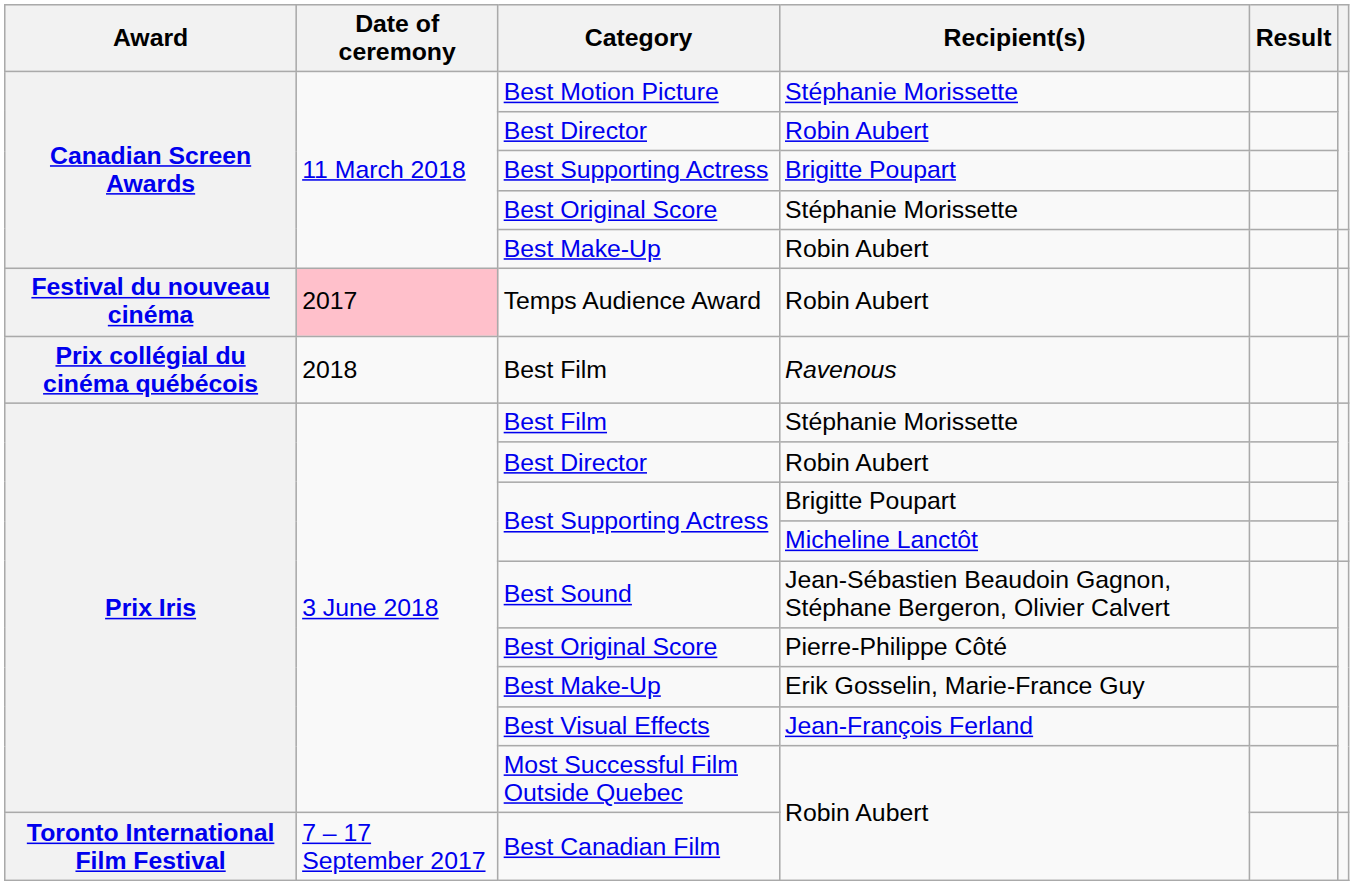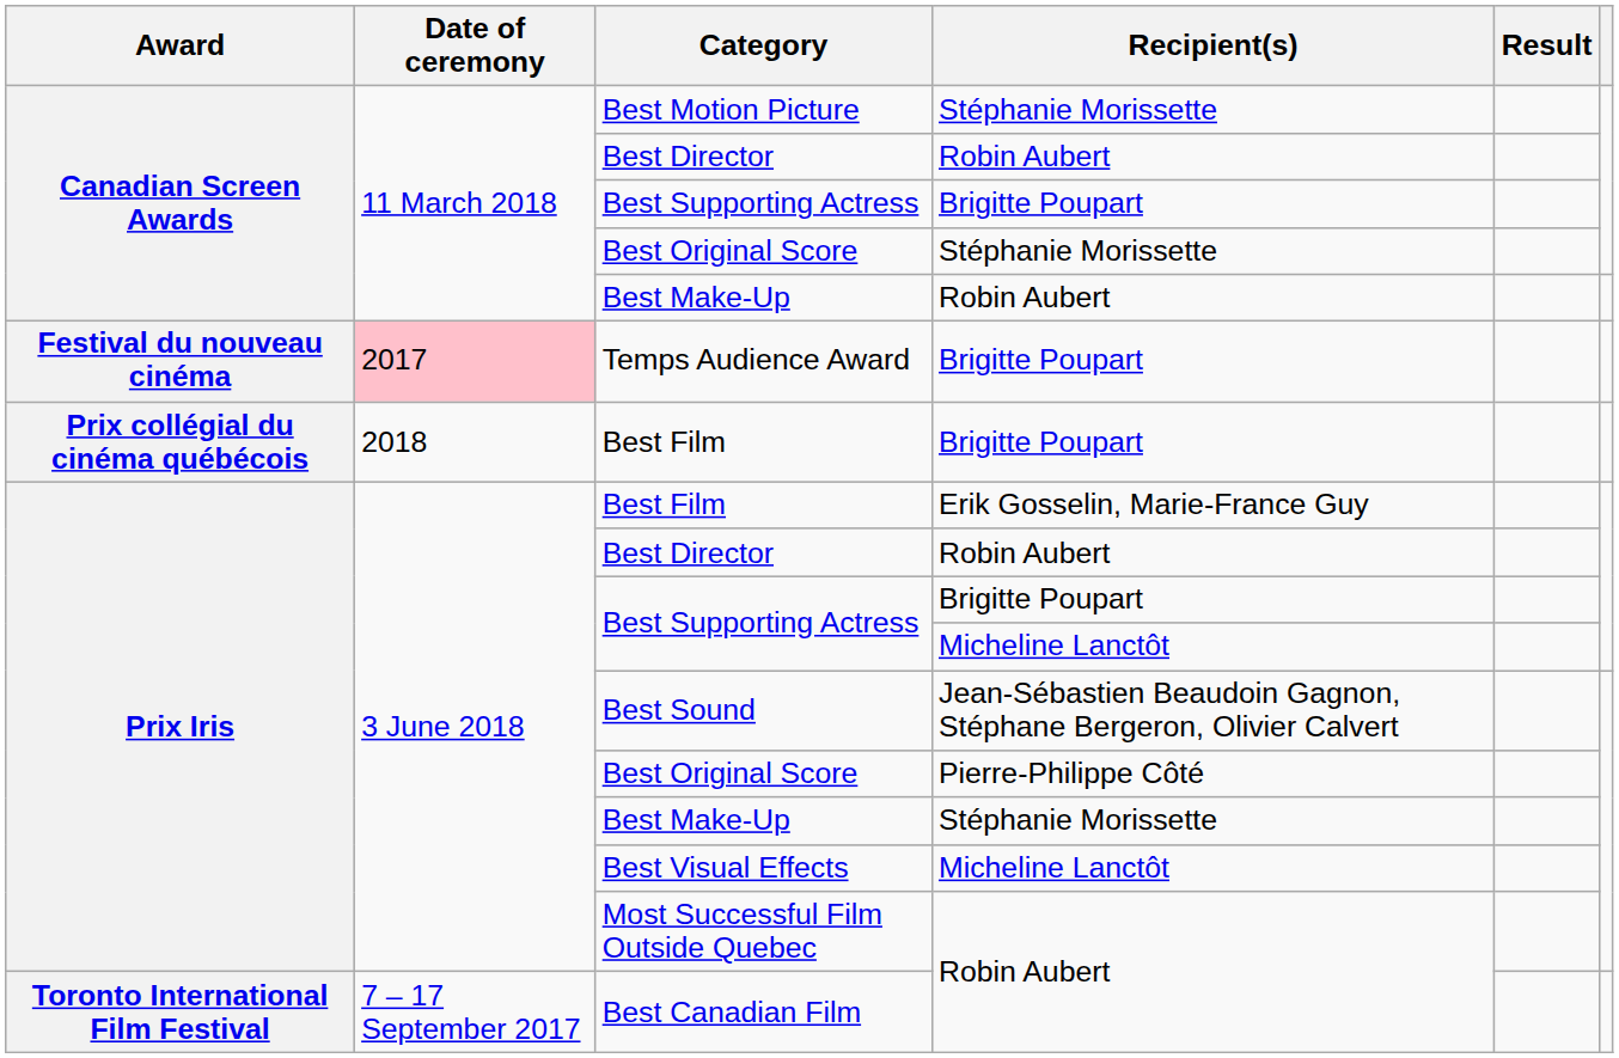 <table class="wikitable plainrowheaders sortable">
 <tr>
 <th scope="col">Award</th>
 <th scope="col">Date of ceremony</th>
 <th scope="col">Category</th>
 <th scope="col">Recipient(s)</th>
 <th scope="col">Result</th>
 <th scope="col" class="unsortable"></th>
 </tr>
 <tr>
 <th scope="row" rowspan=5><a href='#'>Canadian Screen Awards</a></th>
 <td rowspan="5"><a href='#'>11 March 2018</a></td>
 <td><a href='#'>Best Motion Picture</a></td>
 <td><a href='#'>Stéphanie Morissette</a></td>
 <td></td>
 <td rowspan="4"></td>
 </tr>
 <tr>
 <td><a href='#'>Best Director</a></td>
 <td><a href='#'>Robin Aubert</a></td>
 <td></td>
 </tr>
 <tr>
 <td><a href='#'>Best Supporting Actress</a></td>
 <td><a href='#'>Brigitte Poupart</a></td>
 <td></td>
 </tr>
 <tr>
 <td><a href='#'>Best Original Score</a></td>
 <td>Stéphanie Morissette</td>
 <td></td>
 </tr>
 <tr>
 <td><a href='#'>Best Make-Up</a></td>
 <td>Robin Aubert</td>
 <td></td>
 <td></td>
 </tr>
 <tr>
 <th scope="row"><a href='#'>Festival du nouveau cinéma</a></th>
 <td rowspan="1" style="background: pink;">2017</td>
 <td>Temps Audience Award</td>
-<td>Robin Aubert</td>
+<td><a href='#'>Brigitte Poupart</a></td>
 <td></td>
 <td rowspan="1"></td>
 </tr>
 <tr>
 <th scope="row"><a href='#'>Prix collégial du cinéma québécois</a></th>
 <td>2018</td>
 <td>Best Film</td>
-<td><em>Ravenous</em></td>
+<td><a href='#'>Brigitte Poupart</a></td>
 <td></td>
 <td></td>
 </tr>
 <tr>
 <th scope="row" rowspan=9><a href='#'>Prix Iris</a></th>
 <td rowspan="9"><a href='#'>3 June 2018</a></td>
 <td><a href='#'>Best Film</a></td>
-<td>Stéphanie Morissette</td>
+<td>Erik Gosselin, Marie-France Guy</td>
 <td></td>
 <td rowspan="4"></td>
 </tr>
 <tr>
 <td><a href='#'>Best Director</a></td>
 <td>Robin Aubert</td>
 <td></td>
 </tr>
 <tr>
 <td rowspan="2"><a href='#'>Best Supporting Actress</a></td>
 <td>Brigitte Poupart</td>
 <td></td>
 </tr>
 <tr>
 <td><a href='#'>Micheline Lanctôt</a></td>
 <td></td>
 </tr>
 <tr>
 <td><a href='#'>Best Sound</a></td>
 <td>Jean-Sébastien Beaudoin Gagnon, Stéphane Bergeron, Olivier Calvert</td>
 <td></td>
 <td rowspan="5"></td>
 </tr>
 <tr>
 <td><a href='#'>Best Original Score</a></td>
 <td>Pierre-Philippe Côté</td>
 <td></td>
 </tr>
 <tr>
 <td><a href='#'>Best Make-Up</a></td>
-<td>Erik Gosselin, Marie-France Guy</td>
+<td>Stéphanie Morissette</td>
 <td></td>
 </tr>
 <tr>
 <td><a href='#'>Best Visual Effects</a></td>
-<td><a href='#'>Jean-François Ferland</a></td>
+<td><a href='#'>Micheline Lanctôt</a></td>
 <td></td>
 </tr>
 <tr>
 <td><a href='#'>Most Successful Film Outside Quebec</a></td>
 <td rowspan="2">Robin Aubert</td>
 <td></td>
 </tr>
 <tr>
 <th scope="row"><a href='#'>Toronto International Film Festival</a></th>
 <td rowspan="1"><a href='#'>7 – 17 September 2017</a></td>
 <td><a href='#'>Best Canadian Film</a></td>
 <td></td>
 <td rowspan="1"></td>
 </tr>
 <tr>
 </tr>
 </table>
